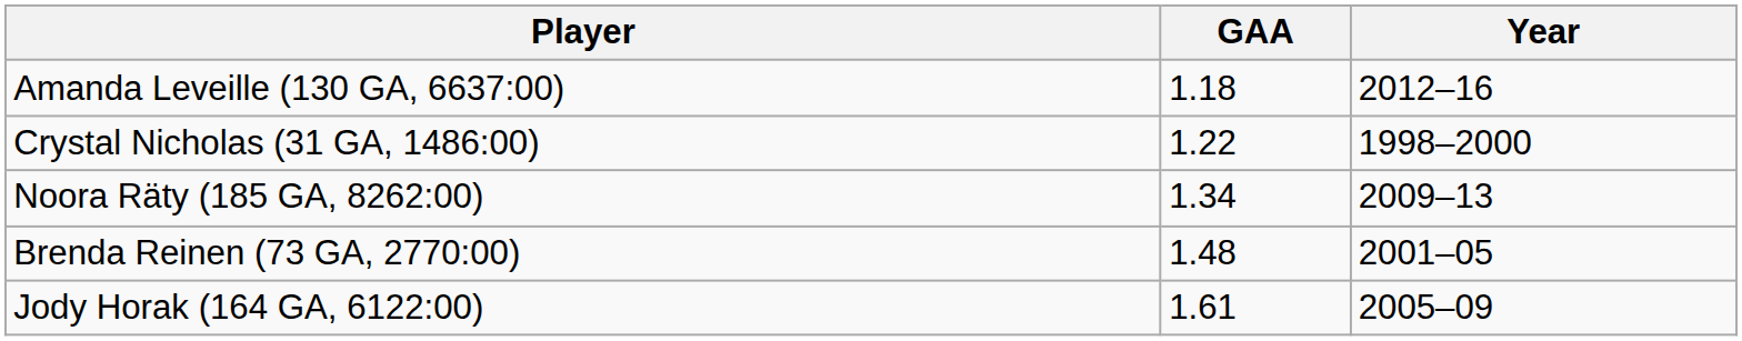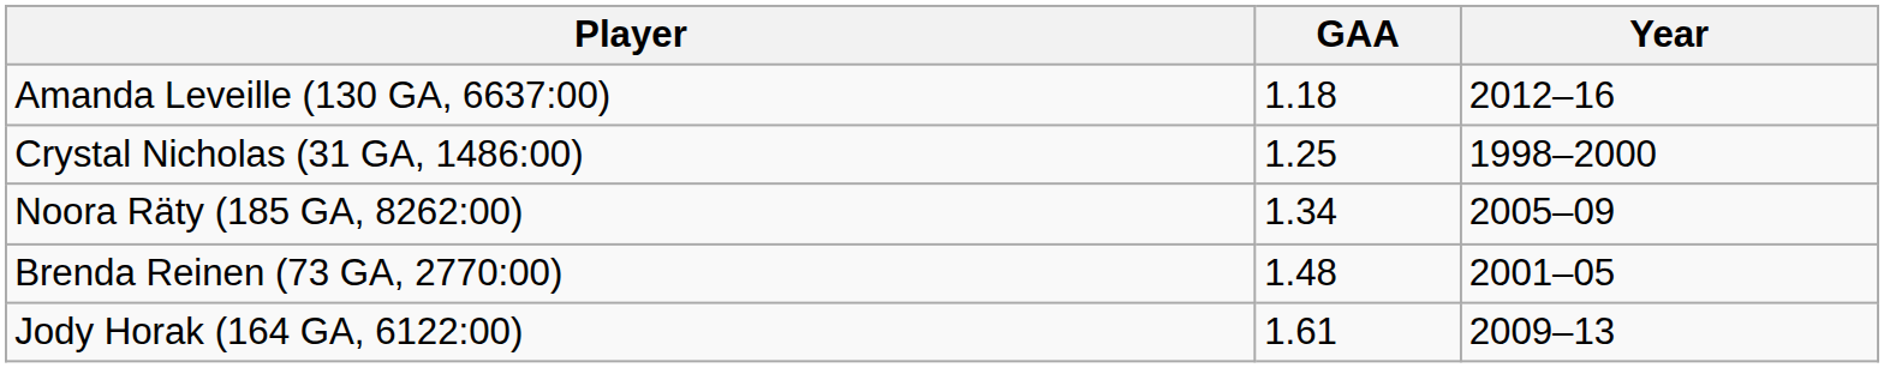 <table class="wikitable" style="width: 50em">
 <tr>
 <th>Player</th>
 <th>GAA</th>
 <th>Year</th>
 </tr>
 <tr>
 <td>Amanda Leveille (130 GA, 6637:00)</td>
 <td>1.18</td>
 <td>2012–16</td>
 </tr>
 <tr>
 <td>Crystal Nicholas (31 GA, 1486:00)</td>
-<td>1.22</td>
+<td>1.25</td>
 <td>1998–2000</td>
 </tr>
 <tr>
 <td>Noora Räty (185 GA, 8262:00)</td>
 <td>1.34</td>
-<td>2009–13</td>
+<td>2005–09</td>
 </tr>
 <tr>
 <td>Brenda Reinen (73 GA, 2770:00)</td>
 <td>1.48</td>
 <td>2001–05</td>
 </tr>
 <tr>
 <td>Jody Horak (164 GA, 6122:00)</td>
 <td>1.61</td>
-<td>2005–09</td>
+<td>2009–13</td>
 </tr>
 </table>
